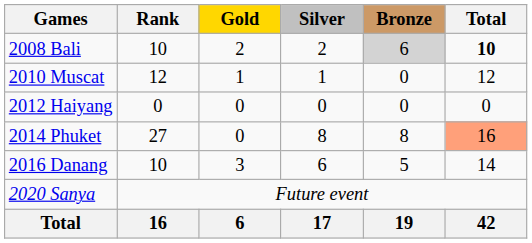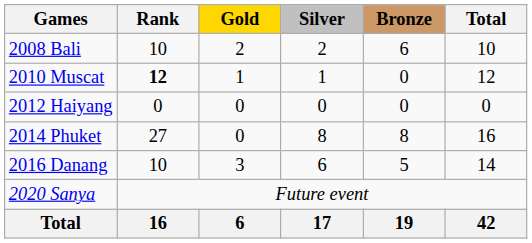 <table class="wikitable sortable" style="margin-top:0em; text-align:center; font-size:100%;">
 <tr>
 <th>Games</th>
 <th style="width:4em;">Rank</th>
 <th style="background:gold; width:4em;"><strong>Gold</strong></th>
 <th style="background:silver; width:4em;"><strong>Silver</strong></th>
 <th style="background:#cc9966; width:4em;"><strong>Bronze</strong></th>
 <th style="width:4em;">Total</th>
 </tr>
 <tr>
 <td align=left><a href='#'>2008 Bali</a></td>
 <td>10</td>
 <td>2</td>
 <td>2</td>
-<td style="background: lightgrey;">6</td>
-<td><strong>10</strong></td>
+<td>6</td>
+<td>10</td>
 </tr>
 <tr>
 <td align=left><a href='#'>2010 Muscat</a></td>
-<td>12</td>
+<td><strong>12</strong></td>
 <td>1</td>
 <td>1</td>
 <td>0</td>
 <td>12</td>
 </tr>
 <tr>
 <td align=left><a href='#'>2012 Haiyang</a></td>
 <td>0</td>
 <td>0</td>
 <td>0</td>
 <td>0</td>
 <td>0</td>
 </tr>
 <tr>
 <td align=left><a href='#'>2014 Phuket</a></td>
 <td>27</td>
 <td>0</td>
 <td>8</td>
 <td>8</td>
-<td style="background: lightsalmon;">16</td>
+<td>16</td>
 </tr>
 <tr>
 <td align=left><a href='#'>2016 Danang</a></td>
 <td>10</td>
 <td>3</td>
 <td>6</td>
 <td>5</td>
 <td>14</td>
 </tr>
 <tr>
 <td align=left><em><a href='#'>2020 Sanya</a></em></td>
 <td colspan=5><em>Future event</em></td>
 </tr>
 <tr>
 <th>Total</th>
 <th>16</th>
 <th>6</th>
 <th>17</th>
 <th>19</th>
 <th>42</th>
 </tr>
 </table>
